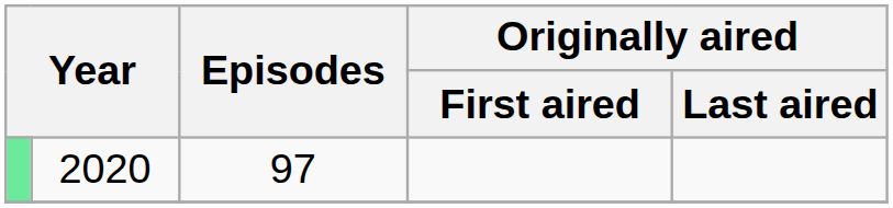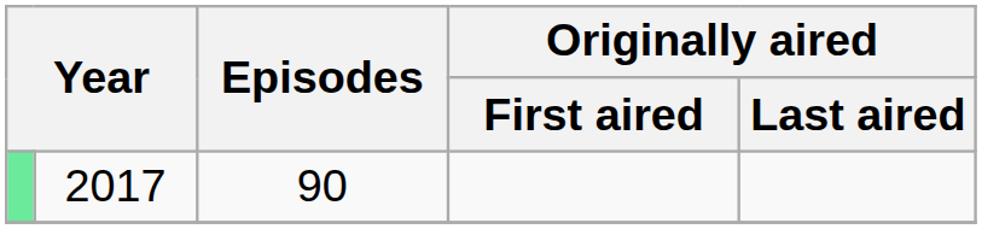 <table class="wikitable" style="text-align: center;">
 <tr>
 <th colspan="2" rowspan="2" style="padding: 0 16px;">Year</th>
 <th rowspan="2" style="padding: 0 8px;">Episodes</th>
 <th colspan="2">Originally aired</th>
 </tr>
 <tr>
 <th style="padding: 0 12px;">First aired</th>
 <th>Last aired</th>
 </tr>
 <tr>
 <td style="background:#6bea9c; height:10px;"></td>
-<td>2020</td>
-<td>97</td>
+<td>2017</td>
+<td>90</td>
 <td></td>
 <td></td>
 </tr>
 <tr>
 </tr>
 </table>
